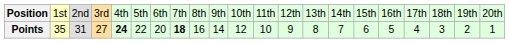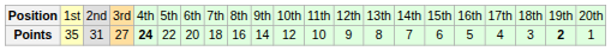 <table class="wikitable" style="font-size:87%; text-align: center">
 <tr>
 <th>Position</th>
 <td style="background:#FFFFBF;">1st</td>
 <td style="background:#DFDFDF;">2nd</td>
 <td style="background:#FFDF9F;">3rd</td>
 <td style="background:#DFFFDF;">4th</td>
 <td style="background:#DFFFDF;">5th</td>
 <td style="background:#DFFFDF;">6th</td>
 <td style="background:#DFFFDF;">7th</td>
 <td style="background:#DFFFDF;">8th</td>
 <td style="background:#DFFFDF;">9th</td>
 <td style="background:#DFFFDF;">10th</td>
 <td style="background:#DFFFDF;">11th</td>
 <td style="background:#DFFFDF;">12th</td>
 <td style="background:#DFFFDF;">13th</td>
 <td style="background:#DFFFDF;">14th</td>
 <td style="background:#DFFFDF;">15th</td>
 <td style="background:#DFFFDF;">16th</td>
 <td style="background:#DFFFDF;">17th</td>
 <td style="background:#DFFFDF;">18th</td>
 <td style="background:#DFFFDF;">19th</td>
 <td style="background:#DFFFDF;">20th</td>
 </tr>
 <tr>
 <th>Points</th>
 <td style="background:#FFFFBF;">35</td>
 <td style="background:#DFDFDF;">31</td>
 <td style="background:#FFDF9F;">27</td>
 <td style="background:#DFFFDF;"><strong>24</strong></td>
 <td style="background:#DFFFDF;">22</td>
 <td style="background:#DFFFDF;">20</td>
-<td style="background:#DFFFDF;"><strong>18</strong></td>
+<td style="background:#DFFFDF;">18</td>
 <td style="background:#DFFFDF;">16</td>
 <td style="background:#DFFFDF;">14</td>
 <td style="background:#DFFFDF;">12</td>
 <td style="background:#DFFFDF;">10</td>
 <td style="background:#DFFFDF;">9</td>
 <td style="background:#DFFFDF;">8</td>
 <td style="background:#DFFFDF;">7</td>
 <td style="background:#DFFFDF;">6</td>
 <td style="background:#DFFFDF;">5</td>
 <td style="background:#DFFFDF;">4</td>
 <td style="background:#DFFFDF;">3</td>
-<td style="background:#DFFFDF;">2</td>
+<td style="background:#DFFFDF;"><strong>2</strong></td>
 <td style="background:#DFFFDF;">1</td>
 </tr>
 </table>
